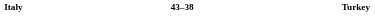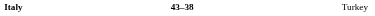 <table width=75% cellspacing=1>
 <tr>
 <th width=25%></th>
 <th width=25%></th>
 <th width=25%></th>
 </tr>
 <tr style=font-size:90%>
 <td align=right><strong>Italy</strong></td>
 <td align=center><strong>43–38</strong></td>
-<td><strong>Turkey</strong></td>
+<td>Turkey</td>
 </tr>
 </table>
